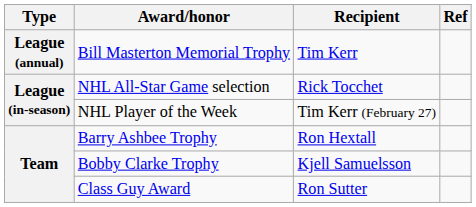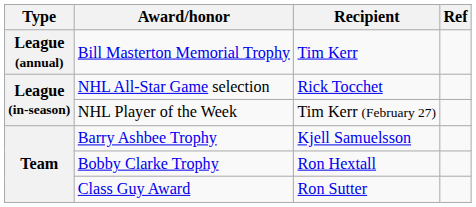 <table class="wikitable">
 <tr>
 <th scope="col">Type</th>
 <th scope="col">Award/honor</th>
 <th scope="col">Recipient</th>
 <th scope="col">Ref</th>
 </tr>
 <tr>
 <th scope="row">League<br><small>(annual)</small></th>
 <td><a href='#'>Bill Masterton Memorial Trophy</a></td>
 <td><a href='#'>Tim Kerr</a></td>
 <td></td>
 </tr>
 <tr>
 <th scope="row" rowspan="2">League<br><small>(in-season)</small></th>
 <td><a href='#'>NHL All-Star Game</a> selection</td>
 <td><a href='#'>Rick Tocchet</a></td>
 <td></td>
 </tr>
 <tr>
 <td>NHL Player of the Week</td>
 <td>Tim Kerr <small>(February 27)</small></td>
 <td></td>
 </tr>
 <tr>
 <th scope="row" rowspan="3">Team</th>
 <td><a href='#'>Barry Ashbee Trophy</a></td>
-<td><a href='#'>Ron Hextall</a></td>
+<td><a href='#'>Kjell Samuelsson</a></td>
 <td></td>
 </tr>
 <tr>
 <td><a href='#'>Bobby Clarke Trophy</a></td>
-<td><a href='#'>Kjell Samuelsson</a></td>
+<td><a href='#'>Ron Hextall</a></td>
 <td></td>
 </tr>
 <tr>
 <td><a href='#'>Class Guy Award</a></td>
 <td><a href='#'>Ron Sutter</a></td>
 <td></td>
 </tr>
 </table>
